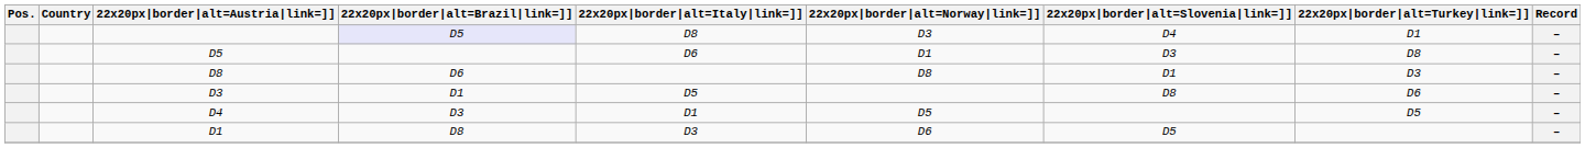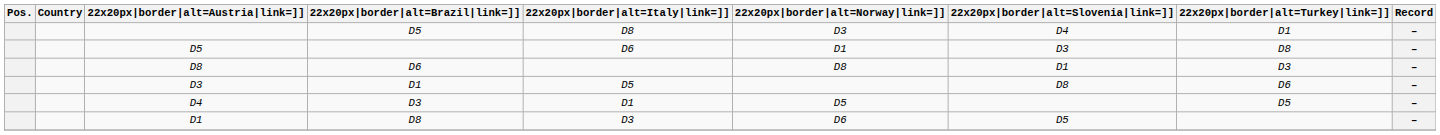 <table class="wikitable sortable nowrap" style="text-align:center; font-size:0.9em;">
 <tr>
 <th>Pos.</th>
 <th>Country</th>
 <th [[Image:>22x20px|border|alt=Austria|link=]]</th>
 <th [[Image:>22x20px|border|alt=Brazil|link=]]</th>
 <th [[Image:>22x20px|border|alt=Italy|link=]]</th>
 <th [[Image:>22x20px|border|alt=Norway|link=]]</th>
 <th [[Image:>22x20px|border|alt=Slovenia|link=]]</th>
 <th [[Image:>22x20px|border|alt=Turkey|link=]]</th>
 <th>Record</th>
 </tr>
 <tr>
 <th></th>
 <td style="text-align:left;"></td>
 <td> </td>
-<td style="background: lavender;"><em>D5</em> </td>
+<td><em>D5</em> </td>
 <td><em>D8</em> </td>
 <td><em>D3</em> </td>
 <td><em>D4</em> </td>
 <td><em>D1</em> </td>
 <th>–</th>
 </tr>
 <tr>
 <th></th>
 <td style="text-align:left;"></td>
 <td><em>D5</em> </td>
 <td> </td>
 <td><em>D6</em> </td>
 <td><em>D1</em> </td>
 <td><em>D3</em> </td>
 <td><em>D8</em> </td>
 <th>–</th>
 </tr>
 <tr>
 <th></th>
 <td style="text-align:left;"></td>
 <td><em>D8</em> </td>
 <td><em>D6</em> </td>
 <td> </td>
 <td><em>D8</em> </td>
 <td><em>D1</em> </td>
 <td><em>D3</em> </td>
 <th>–</th>
 </tr>
 <tr>
 <th></th>
 <td style="text-align:left;"></td>
 <td><em>D3</em> </td>
 <td><em>D1</em> </td>
 <td><em>D5</em> </td>
 <td> </td>
 <td><em>D8</em> </td>
 <td><em>D6</em> </td>
 <th>–</th>
 </tr>
 <tr>
 <th></th>
 <td style="text-align:left;"></td>
 <td><em>D4</em> </td>
 <td><em>D3</em> </td>
 <td><em>D1</em> </td>
 <td><em>D5</em> </td>
 <td> </td>
 <td><em>D5</em> </td>
 <th>–</th>
 </tr>
 <tr>
 <th></th>
 <td style="text-align:left;"></td>
 <td><em>D1</em> </td>
 <td><em>D8</em> </td>
 <td><em>D3</em> </td>
 <td><em>D6</em> </td>
 <td><em>D5</em> </td>
 <td> </td>
 <th>–</th>
 </tr>
 <tr>
 </tr>
 </table>
